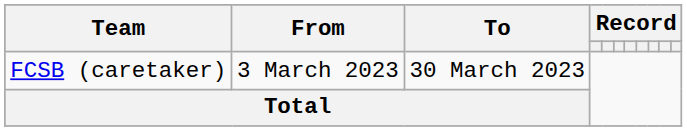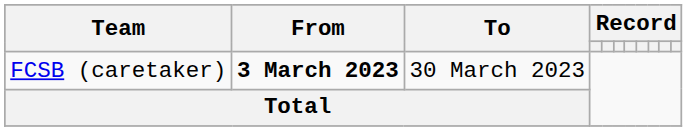 <table class=wikitable style="text-align: center">
 <tr>
 <th rowspan=2>Team</th>
 <th rowspan=2>From</th>
 <th rowspan=2>To</th>
 <th colspan=8>Record</th>
 </tr>
 <tr>
 <th></th>
 <th></th>
 <th></th>
 <th></th>
 <th></th>
 <th></th>
 <th></th>
 <th></th>
 </tr>
 <tr>
 <td align=left> <a href='#'>FCSB</a> (caretaker)</td>
-<td align=left>3 March 2023</td>
+<td align=left><strong>3 March 2023</strong></td>
 <td align=left>30 March 2023<br></td>
 </tr>
 <tr>
 <th colspan=3>Total<br></th>
 </tr>
 </table>
